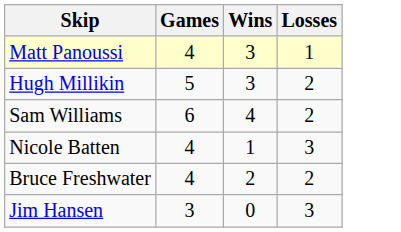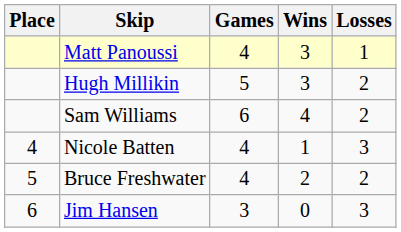 <table class="wikitable" style="text-align:center;">
 <tr>
+<th>Place</th>
 <th>Skip</th>
 <th>Games</th>
 <th>Wins</th>
 <th>Losses</th>
 </tr>
 <tr bgcolor=#ffffcc>
+<td></td>
 <td align=left><a href='#'>Matt Panoussi</a></td>
 <td>4</td>
 <td>3</td>
 <td>1</td>
 </tr>
 <tr>
+<td></td>
 <td align=left><a href='#'>Hugh Millikin</a></td>
 <td>5</td>
 <td>3</td>
 <td>2</td>
 </tr>
 <tr>
+<td></td>
 <td align=left>Sam Williams</td>
 <td>6</td>
 <td>4</td>
 <td>2</td>
 </tr>
 <tr>
+<td>4</td>
 <td align=left>Nicole Batten</td>
 <td>4</td>
 <td>1</td>
 <td>3</td>
 </tr>
 <tr>
+<td>5</td>
 <td align=left>Bruce Freshwater</td>
 <td>4</td>
 <td>2</td>
 <td>2</td>
 </tr>
 <tr>
+<td>6</td>
 <td align=left><a href='#'>Jim Hansen</a></td>
 <td>3</td>
 <td>0</td>
 <td>3</td>
 </tr>
 </table>
